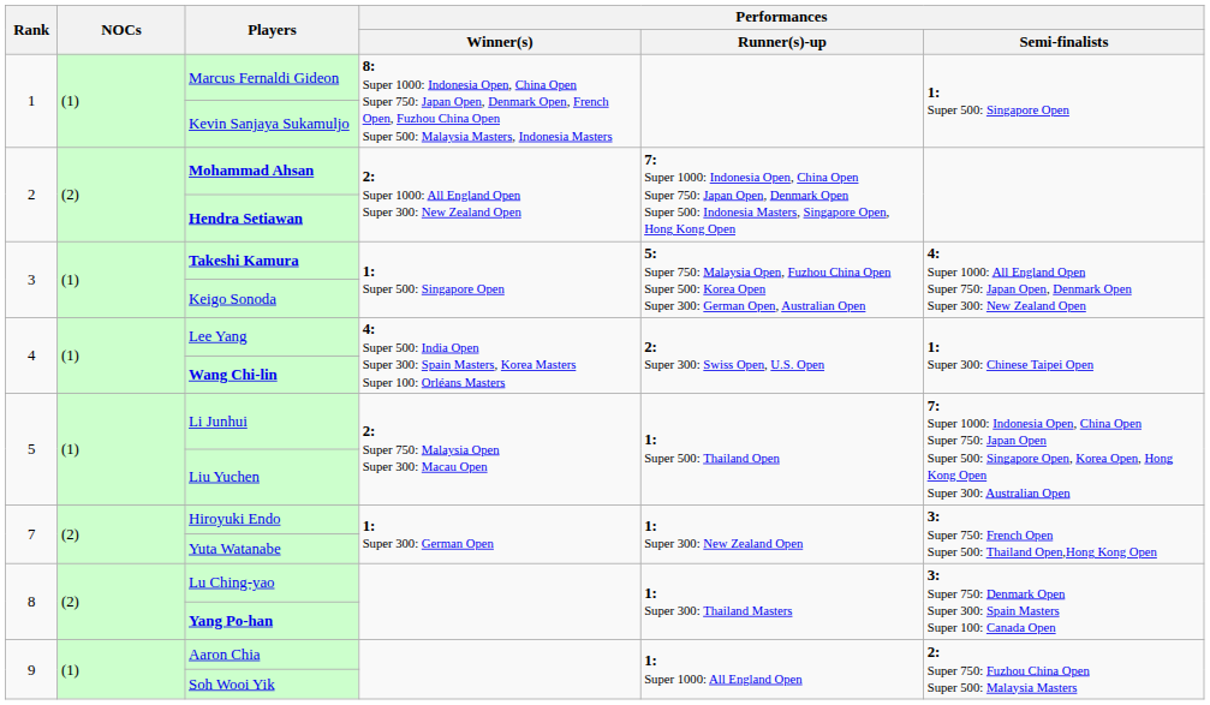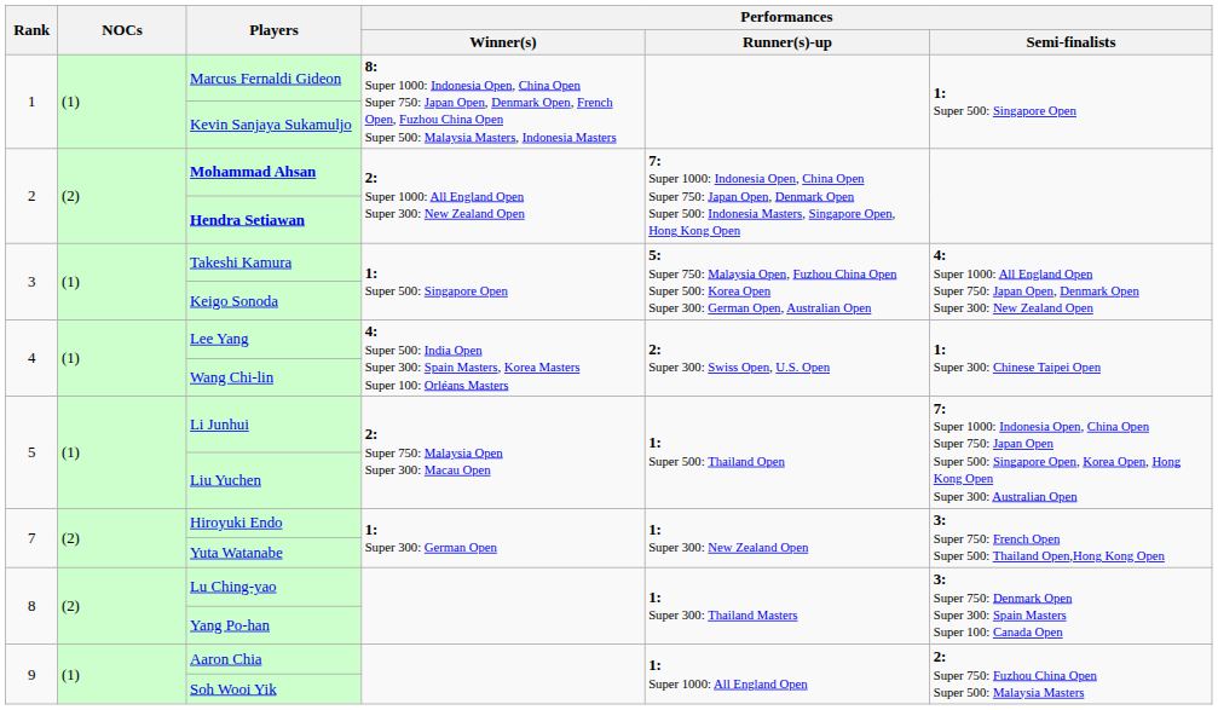 <table class="wikitable" style="text-align:left">
 <tr>
 <th rowspan="2" width="50">Rank</th>
 <th rowspan="2" width="150">NOCs</th>
 <th rowspan="2" width="200">Players</th>
 <th colspan="3">Performances</th>
 </tr>
 <tr>
 <th width="350">Winner(s)</th>
 <th width="350">Runner(s)-up</th>
 <th width="350">Semi-finalists</th>
 </tr>
 <tr>
 <td align="center" rowspan="2">1</td>
 <td bgcolor="#ccffcc" rowspan="2"> (1)</td>
 <td bgcolor="#ccffcc"><a href='#'>Marcus Fernaldi Gideon</a></td>
 <td rowspan="2"><strong>8:</strong><br><small>Super 1000: <a href='#'>Indonesia Open</a>, <a href='#'>China Open</a><br>Super 750: <a href='#'>Japan Open</a>, <a href='#'>Denmark Open</a>, <a href='#'>French Open</a>, <a href='#'>Fuzhou China Open</a><br>Super 500: <a href='#'>Malaysia Masters</a>, <a href='#'>Indonesia Masters</a></small></td>
 <td rowspan="2"></td>
 <td rowspan="2"><strong>1:</strong><br><small>Super 500: <a href='#'>Singapore Open</a></small></td>
 </tr>
 <tr>
 <td bgcolor="#ccffcc"><a href='#'>Kevin Sanjaya Sukamuljo</a></td>
 </tr>
 <tr>
 <td align="center" rowspan="2">2</td>
 <td bgcolor="#ccffcc" rowspan="2"> (2)</td>
 <td bgcolor="#ccffcc"><strong><a href='#'>Mohammad Ahsan</a></strong></td>
 <td rowspan="2"><strong>2:</strong><br><small>Super 1000: <a href='#'>All England Open</a><br>Super 300: <a href='#'>New Zealand Open</a></small></td>
 <td rowspan="2"><strong>7:</strong><br><small>Super 1000: <a href='#'>Indonesia Open</a>, <a href='#'>China Open</a><br>Super 750: <a href='#'>Japan Open</a>, <a href='#'>Denmark Open</a><br>Super 500: <a href='#'>Indonesia Masters</a>, <a href='#'>Singapore Open</a>, <a href='#'>Hong Kong Open</a></small></td>
 <td rowspan="2"></td>
 </tr>
 <tr>
 <td bgcolor="#ccffcc"><strong><a href='#'>Hendra Setiawan</a></strong></td>
 </tr>
 <tr>
 <td align="center" rowspan="2">3</td>
 <td bgcolor="#ccffcc" rowspan="2"> (1)</td>
-<td bgcolor="#ccffcc"><strong><a href='#'>Takeshi Kamura</a></strong></td>
+<td bgcolor="#ccffcc"><a href='#'>Takeshi Kamura</a></td>
 <td rowspan="2"><strong>1:</strong><br><small>Super 500: <a href='#'>Singapore Open</a></small></td>
 <td rowspan="2"><strong>5:</strong><br><small>Super 750: <a href='#'>Malaysia Open</a>, <a href='#'>Fuzhou China Open</a><br>Super 500: <a href='#'>Korea Open</a><br>Super 300: <a href='#'>German Open</a>, <a href='#'>Australian Open</a></small></td>
 <td rowspan="2"><strong>4:</strong><br><small>Super 1000: <a href='#'>All England Open</a><br>Super 750: <a href='#'>Japan Open</a>, <a href='#'>Denmark Open</a><br>Super 300: <a href='#'>New Zealand Open</a></small></td>
 </tr>
 <tr>
 <td bgcolor="#ccffcc"><a href='#'>Keigo Sonoda</a></td>
 </tr>
 <tr>
 <td align="center" rowspan="2">4</td>
 <td bgcolor="#ccffcc" rowspan="2"> (1)</td>
 <td bgcolor="#ccffcc"><a href='#'>Lee Yang</a></td>
 <td rowspan="2"><strong>4:</strong><br><small>Super 500: <a href='#'>India Open</a><br>Super 300: <a href='#'>Spain Masters</a>, <a href='#'>Korea Masters</a><br>Super 100: <a href='#'>Orléans Masters</a></small></td>
 <td rowspan="2"><strong>2:</strong><br><small>Super 300: <a href='#'>Swiss Open</a>, <a href='#'>U.S. Open</a></small></td>
 <td rowspan="2"><strong>1:</strong><br><small>Super 300: <a href='#'>Chinese Taipei Open</a></small></td>
 </tr>
 <tr>
-<td bgcolor="#ccffcc"><strong><a href='#'>Wang Chi-lin</a></strong></td>
+<td bgcolor="#ccffcc"><a href='#'>Wang Chi-lin</a></td>
 </tr>
 <tr>
 <td align="center" rowspan="2">5</td>
 <td bgcolor="#ccffcc" rowspan="2"> (1)</td>
 <td bgcolor="#ccffcc"><a href='#'>Li Junhui</a></td>
 <td rowspan="2"><strong>2:</strong><br><small>Super 750: <a href='#'>Malaysia Open</a><br>Super 300: <a href='#'>Macau Open</a></small></td>
 <td rowspan="2"><strong>1:</strong><br><small>Super 500: <a href='#'>Thailand Open</a></small></td>
 <td rowspan="2"><strong>7:</strong><br><small>Super 1000: <a href='#'>Indonesia Open</a>, <a href='#'>China Open</a><br>Super 750: <a href='#'>Japan Open</a><br>Super 500: <a href='#'>Singapore Open</a>, <a href='#'>Korea Open</a>, <a href='#'>Hong Kong Open</a><br>Super 300: <a href='#'>Australian Open</a></small></td>
 </tr>
 <tr>
 <td bgcolor="#ccffcc"><a href='#'>Liu Yuchen</a></td>
 </tr>
 <tr>
 <td align="center" rowspan="2">7</td>
 <td bgcolor="#ccffcc" rowspan="2"> (2)</td>
 <td bgcolor="#ccffcc"><a href='#'>Hiroyuki Endo</a></td>
 <td rowspan="2"><strong>1:</strong><br><small>Super 300: <a href='#'>German Open</a></small></td>
 <td rowspan="2"><strong>1:</strong><br><small>Super 300: <a href='#'>New Zealand Open</a></small></td>
 <td rowspan="2"><strong>3:</strong><br><small>Super 750: <a href='#'>French Open</a><br>Super 500: <a href='#'>Thailand Open</a>,<a href='#'>Hong Kong Open</a></small></td>
 </tr>
 <tr>
 <td bgcolor="#ccffcc"><a href='#'>Yuta Watanabe</a></td>
 </tr>
 <tr>
 <td align="center" rowspan="2">8</td>
 <td bgcolor="#ccffcc" rowspan="2"> (2)</td>
 <td bgcolor="#ccffcc"><a href='#'>Lu Ching-yao</a></td>
 <td rowspan="2"></td>
 <td rowspan="2"><strong>1:</strong><br><small>Super 300: <a href='#'>Thailand Masters</a></small></td>
 <td rowspan="2"><strong>3:</strong><br><small>Super 750: <a href='#'>Denmark Open</a><br>Super 300: <a href='#'>Spain Masters</a><br>Super 100: <a href='#'>Canada Open</a></small></td>
 </tr>
 <tr>
-<td bgcolor="#ccffcc"><strong><a href='#'>Yang Po-han</a></strong></td>
+<td bgcolor="#ccffcc"><a href='#'>Yang Po-han</a></td>
 </tr>
 <tr>
 <td align="center" rowspan="2">9</td>
 <td bgcolor="#ccffcc" rowspan="2"> (1)</td>
 <td bgcolor="#ccffcc"><a href='#'>Aaron Chia</a></td>
 <td rowspan="2"></td>
 <td rowspan="2"><strong>1:</strong><br><small>Super 1000: <a href='#'>All England Open</a></small></td>
 <td rowspan="2"><strong>2:</strong><br><small>Super 750: <a href='#'>Fuzhou China Open</a><br>Super 500: <a href='#'>Malaysia Masters</a></small></td>
 </tr>
 <tr>
 <td bgcolor="#ccffcc"><a href='#'>Soh Wooi Yik</a></td>
 </tr>
 </table>
